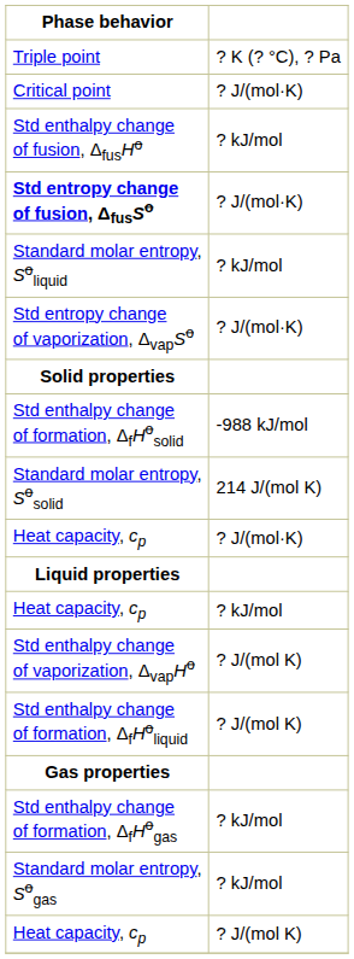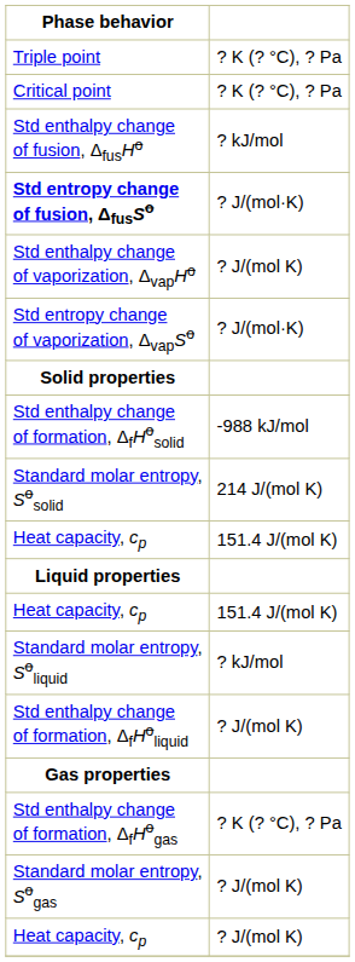 <table border="1" cellspacing="0" cellpadding="6" style="margin: 0 0 0 0.5em; background: #FFFFFF; border-collapse: collapse; border-color: #C0C090;">
 <tr>
 <th>Phase behavior</th>
 </tr>
 <tr>
 <td><a href='#'>Triple point</a></td>
 <td>? K (? °C), ? Pa</td>
 </tr>
 <tr>
 <td><a href='#'>Critical point</a></td>
-<td>? J/(mol·K)</td>
+<td>? K (? °C), ? Pa</td>
 </tr>
 <tr>
 <td><a href='#'>Std enthalpy change<br>of fusion</a>, Δ<sub>fus</sub><em>H</em><sup><s>o</s></sup></td>
 <td>? kJ/mol</td>
 </tr>
 <tr>
 <td><strong><a href='#'>Std entropy change<br>of fusion</a>, Δ<sub>fus</sub><em>S</em><sup><s>o</s></sup></strong></td>
 <td>? J/(mol·K)</td>
 </tr>
 <tr>
-<td><a href='#'>Standard molar entropy</a>,<br><em>S</em><sup><s>o</s></sup><sub>liquid</sub></td>
-<td>? kJ/mol</td>
+<td><a href='#'>Std enthalpy change<br>of vaporization</a>, Δ<sub>vap</sub><em>H</em><sup><s>o</s></sup></td>
+<td>? J/(mol K)</td>
 </tr>
 <tr>
 <td><a href='#'>Std entropy change<br>of vaporization</a>, Δ<sub>vap</sub><em>S</em><sup><s>o</s></sup></td>
 <td>? J/(mol·K)</td>
 </tr>
 <tr>
 <th>Solid properties</th>
 </tr>
 <tr>
 <td><a href='#'>Std enthalpy change<br>of formation</a>, Δ<sub>f</sub><em>H</em><sup><s>o</s></sup><sub>solid</sub></td>
 <td>-988 kJ/mol</td>
 </tr>
 <tr>
 <td><a href='#'>Standard molar entropy</a>,<br><em>S</em><sup><s>o</s></sup><sub>solid</sub></td>
 <td>214 J/(mol K)</td>
 </tr>
 <tr>
 <td><a href='#'>Heat capacity</a>, <em>c<sub>p</sub></em></td>
-<td>? J/(mol·K)</td>
+<td>151.4 J/(mol K)</td>
 </tr>
 <tr>
 <th>Liquid properties</th>
 </tr>
 <tr>
 <td><a href='#'>Heat capacity</a>, <em>c<sub>p</sub></em></td>
-<td>? kJ/mol</td>
+<td>151.4 J/(mol K)</td>
 </tr>
 <tr>
-<td><a href='#'>Std enthalpy change<br>of vaporization</a>, Δ<sub>vap</sub><em>H</em><sup><s>o</s></sup></td>
-<td>? J/(mol K)</td>
+<td><a href='#'>Standard molar entropy</a>,<br><em>S</em><sup><s>o</s></sup><sub>liquid</sub></td>
+<td>? kJ/mol</td>
 </tr>
 <tr>
 <td><a href='#'>Std enthalpy change<br>of formation</a>, Δ<sub>f</sub><em>H</em><sup><s>o</s></sup><sub>liquid</sub></td>
 <td>? J/(mol K)</td>
 </tr>
 <tr>
 <th>Gas properties</th>
 </tr>
 <tr>
 <td><a href='#'>Std enthalpy change<br>of formation</a>, Δ<sub>f</sub><em>H</em><sup><s>o</s></sup><sub>gas</sub></td>
-<td>? kJ/mol</td>
+<td>? K (? °C), ? Pa</td>
 </tr>
 <tr>
 <td><a href='#'>Standard molar entropy</a>,<br><em>S</em><sup><s>o</s></sup><sub>gas</sub></td>
-<td>? kJ/mol</td>
+<td>? J/(mol K)</td>
 </tr>
 <tr>
 <td><a href='#'>Heat capacity</a>, <em>c<sub>p</sub></em></td>
 <td>? J/(mol K)</td>
 </tr>
 <tr>
 </tr>
 </table>
